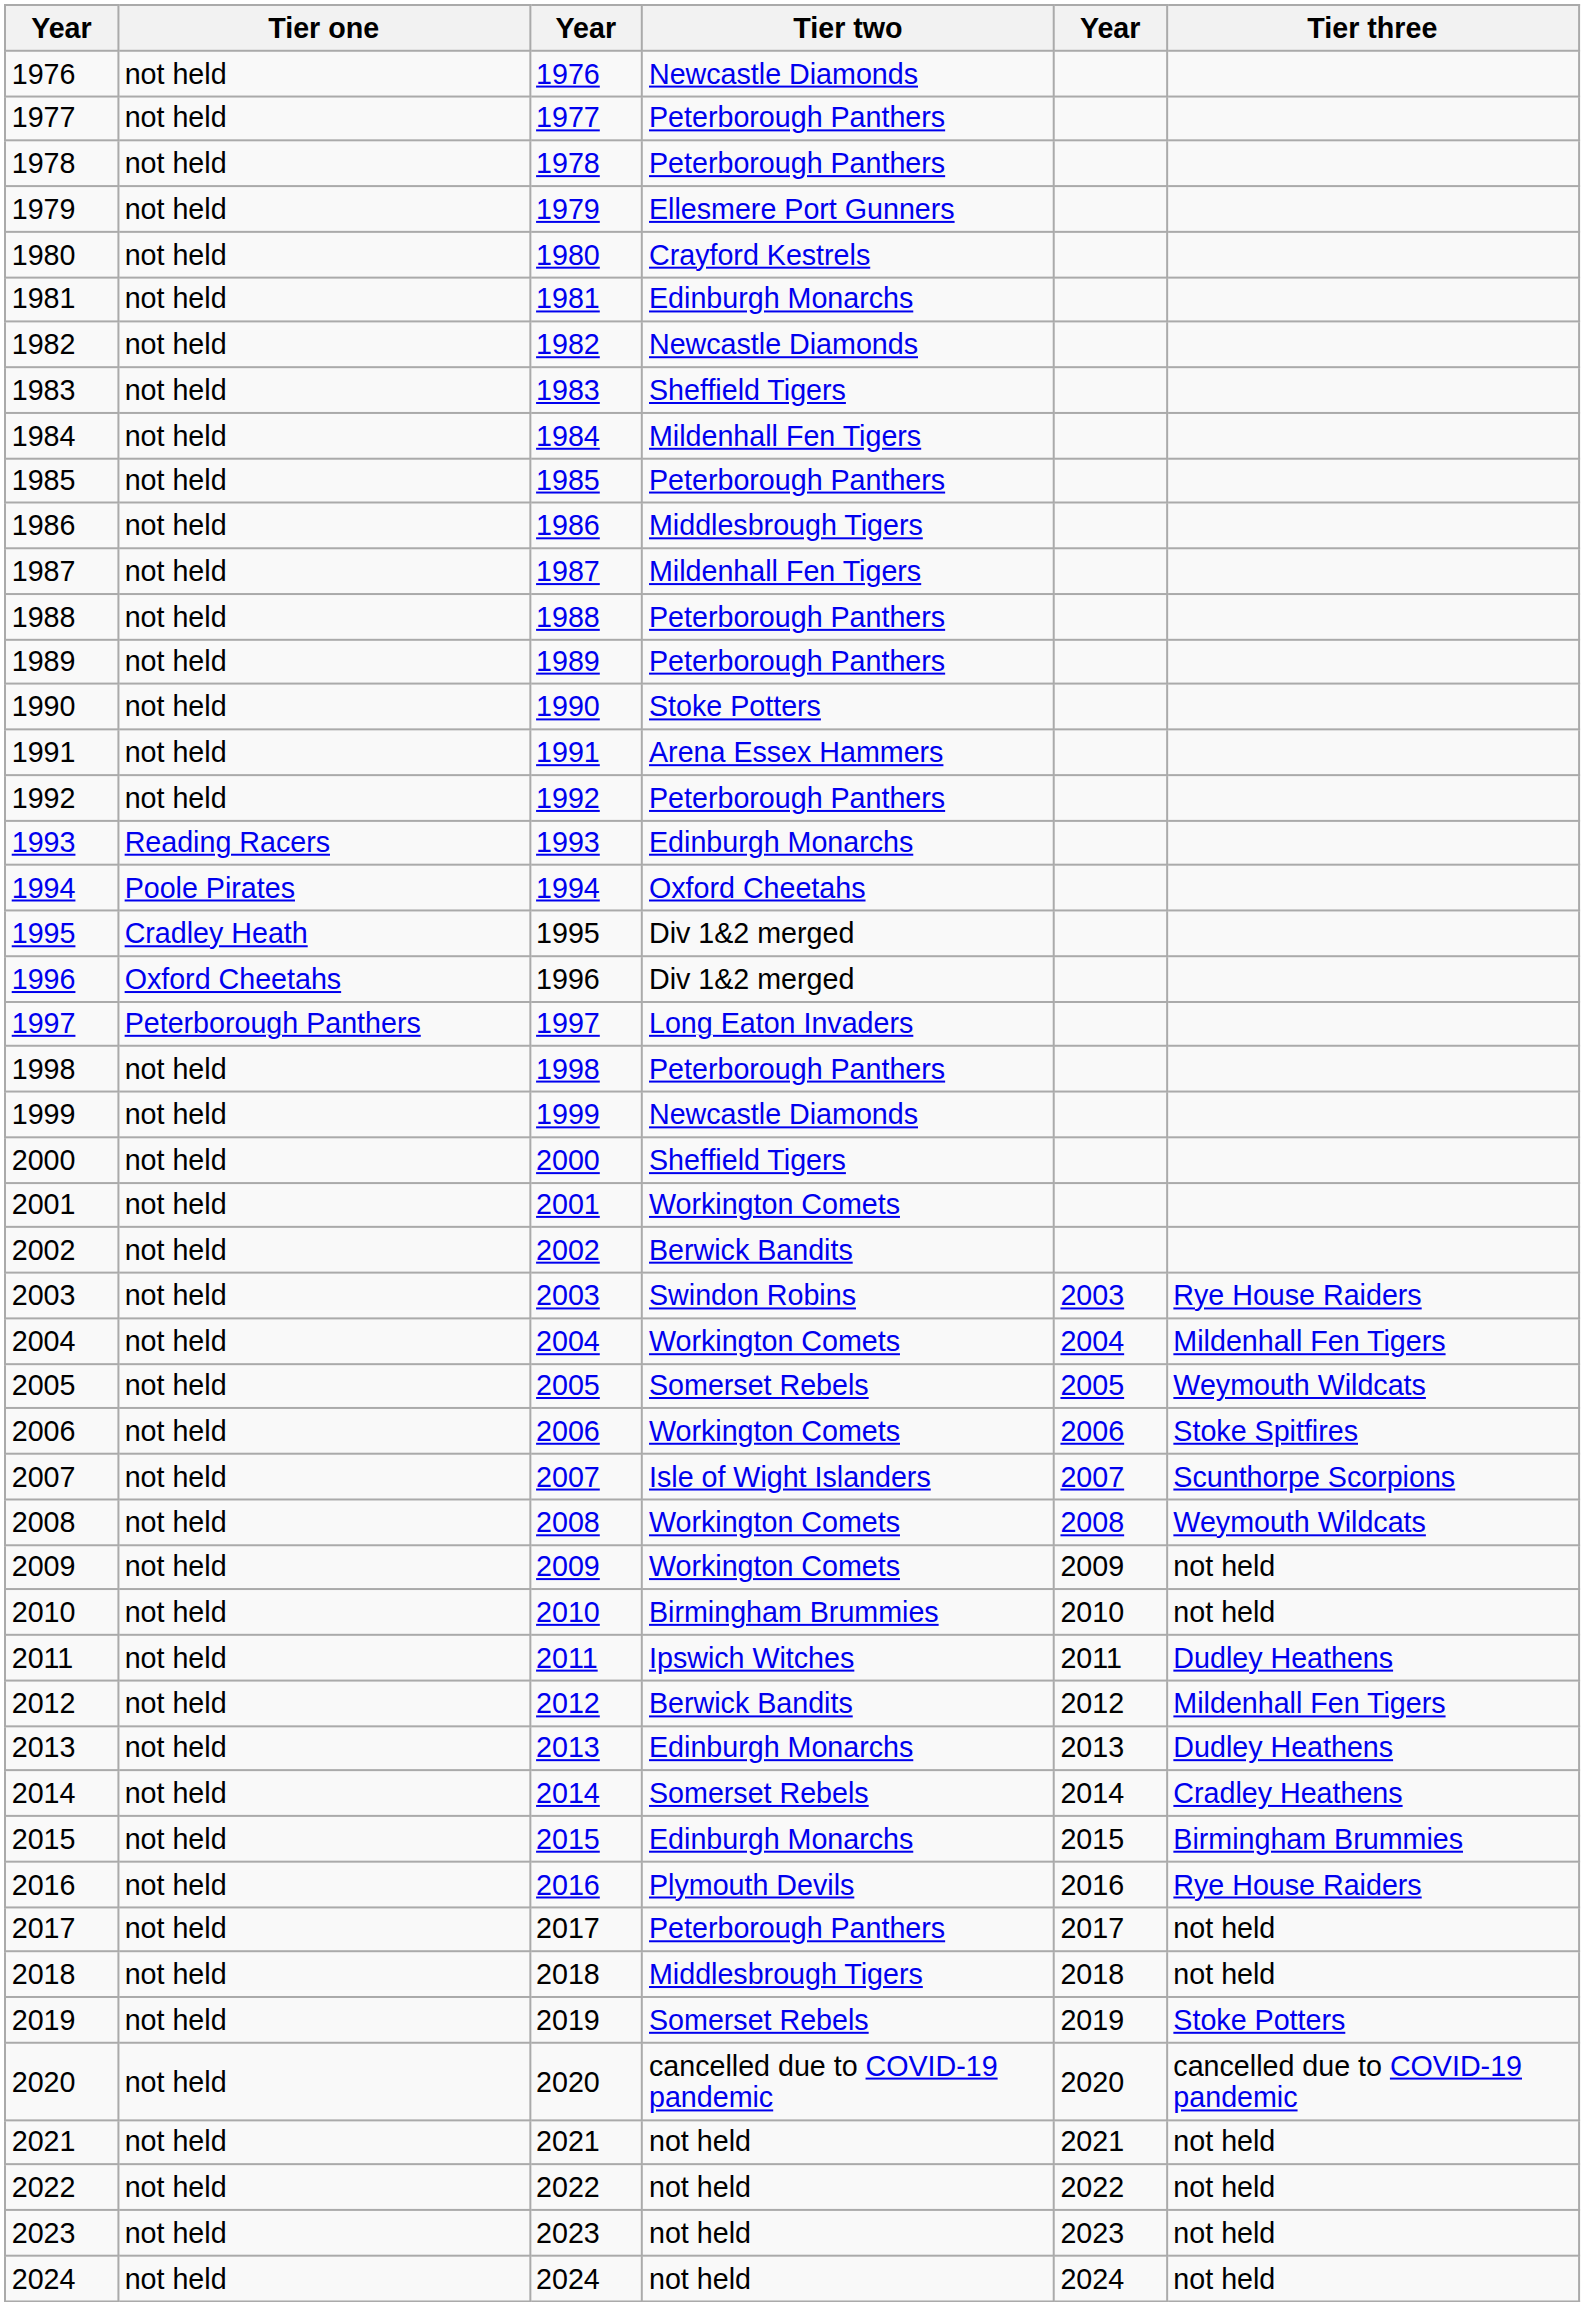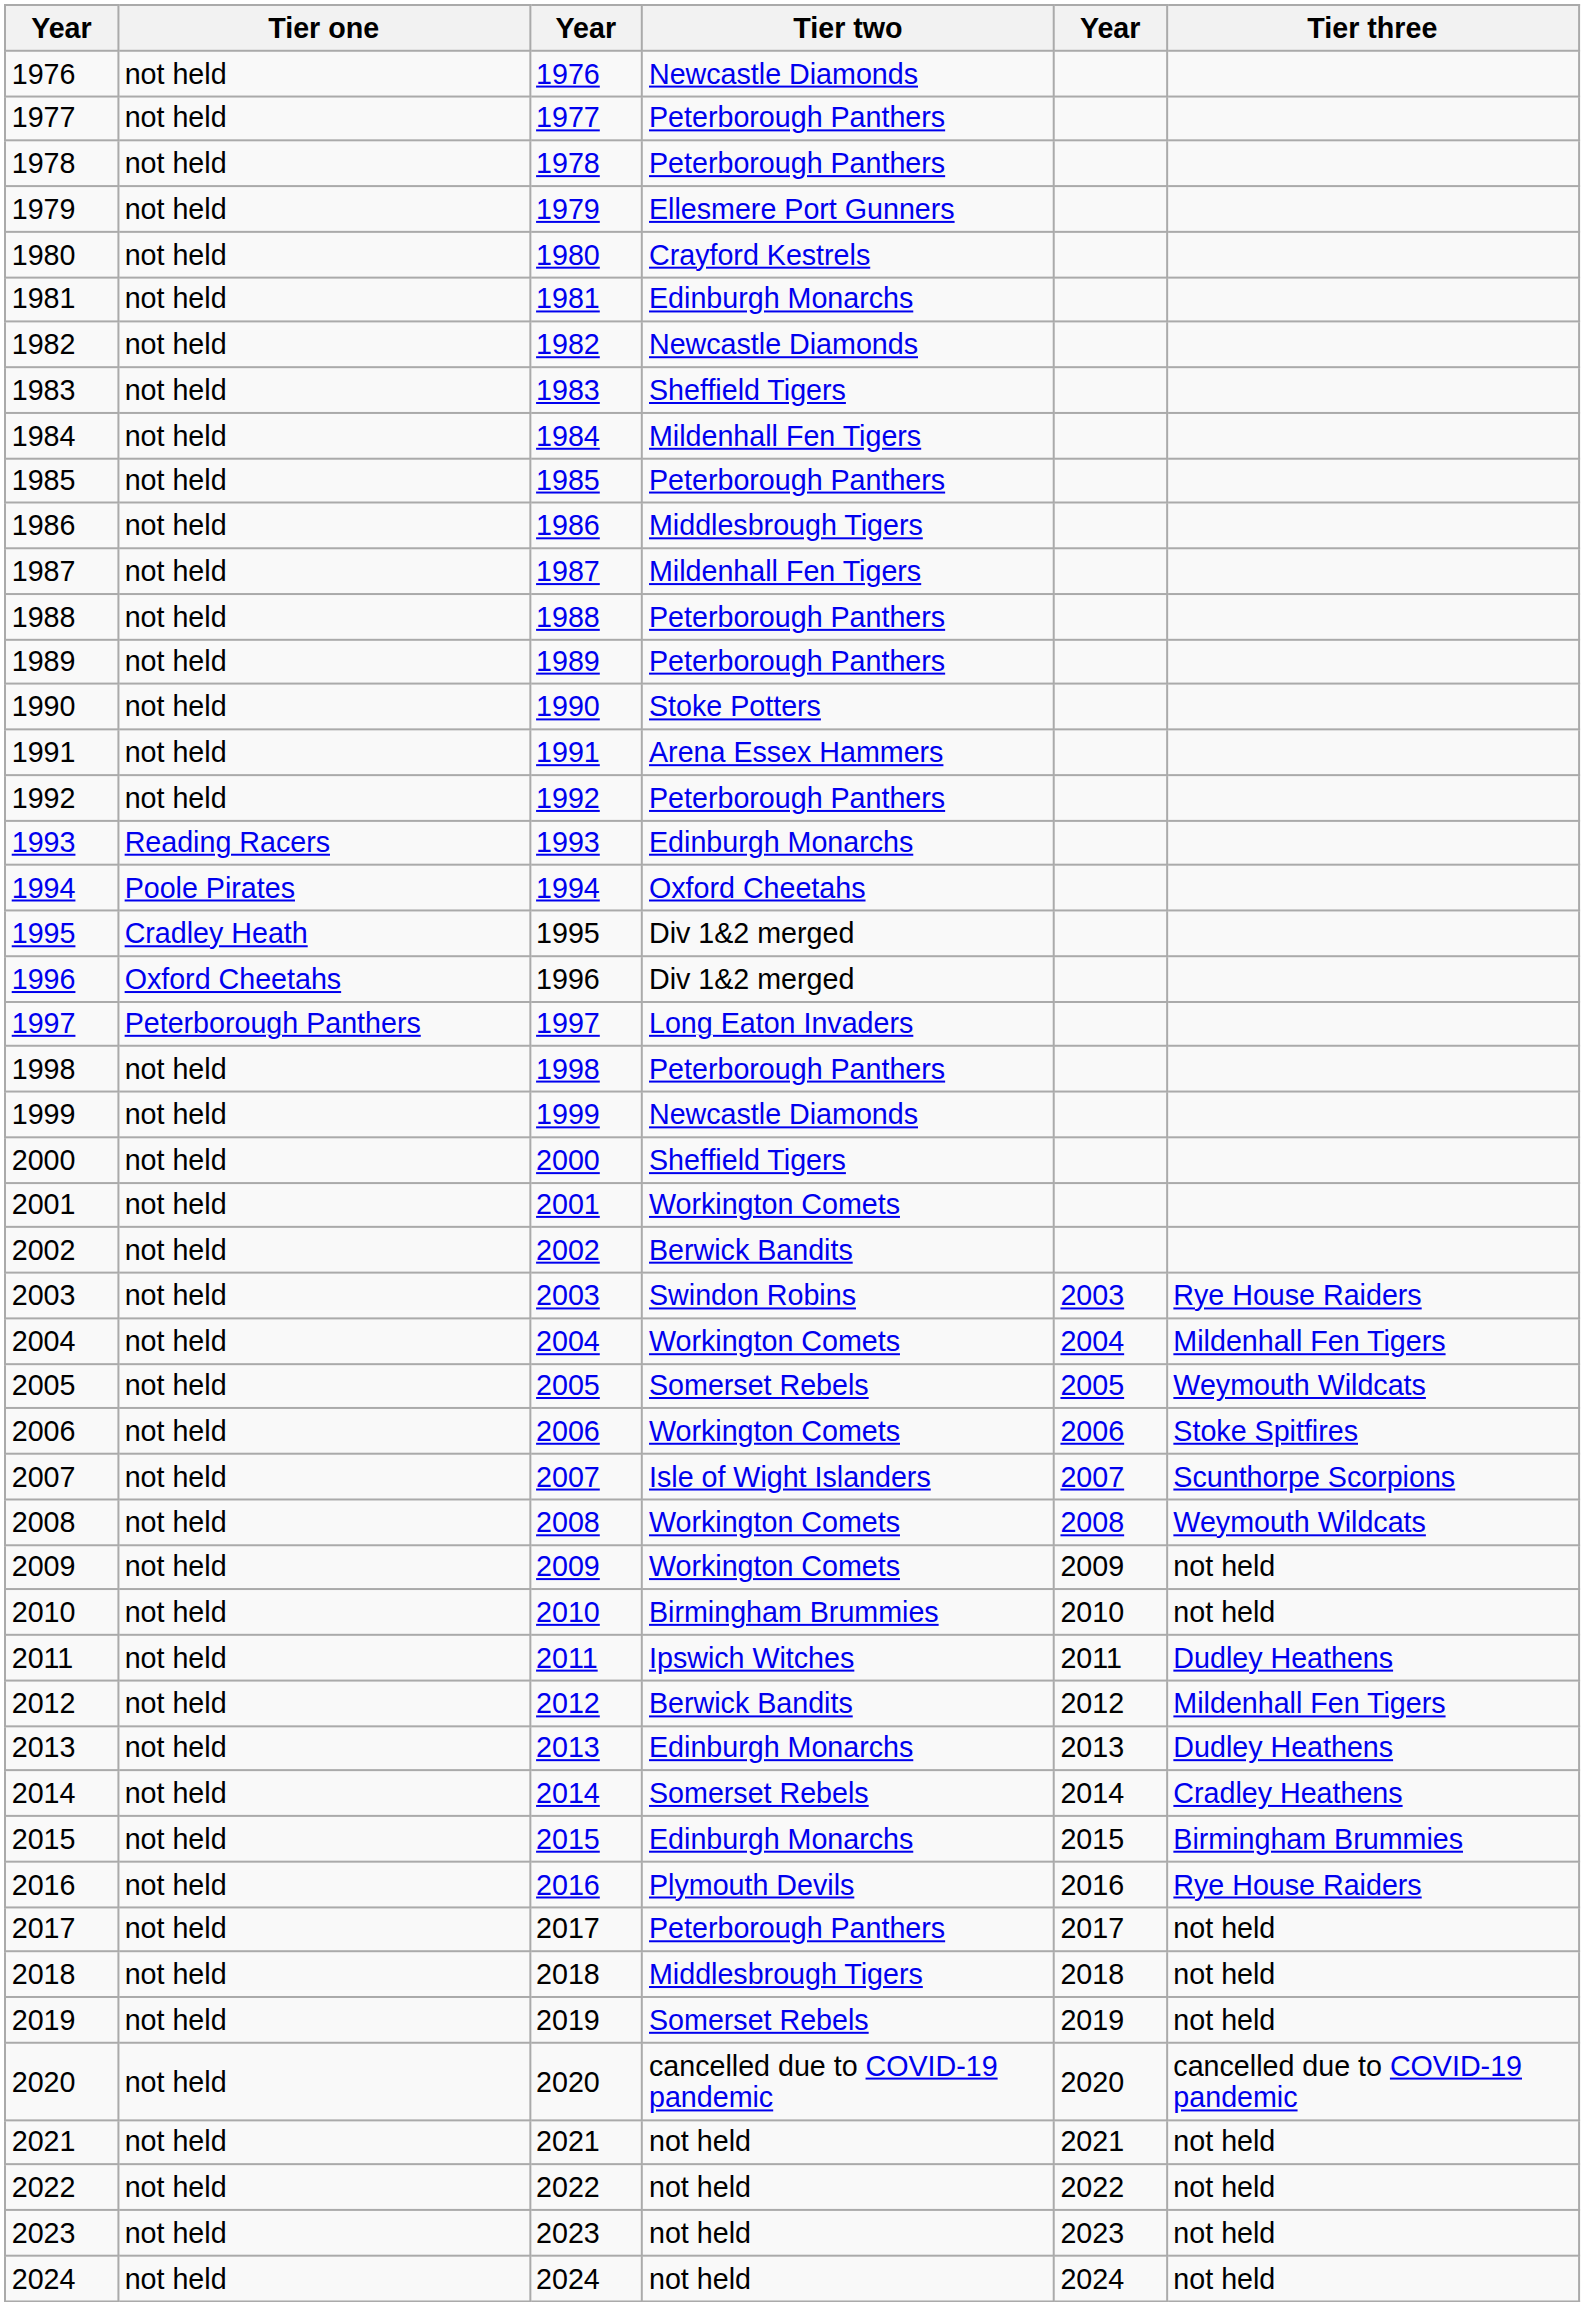 <table class="wikitable" style="font-size: 90%">
 <tr>
 <th width=50>Year</th>
 <th width=200>Tier one</th>
 <th width=50>Year</th>
 <th width=200>Tier two</th>
 <th width=50>Year</th>
 <th width=200>Tier three</th>
 </tr>
 <tr>
 <td>1976</td>
 <td>not held</td>
 <td><a href='#'>1976</a></td>
 <td><a href='#'>Newcastle Diamonds</a></td>
 <td></td>
 <td></td>
 </tr>
 <tr>
 <td>1977</td>
 <td>not held</td>
 <td><a href='#'>1977</a></td>
 <td><a href='#'>Peterborough Panthers</a></td>
 <td></td>
 <td></td>
 </tr>
 <tr>
 <td>1978</td>
 <td>not held</td>
 <td><a href='#'>1978</a></td>
 <td><a href='#'>Peterborough Panthers</a></td>
 <td></td>
 <td></td>
 </tr>
 <tr>
 <td>1979</td>
 <td>not held</td>
 <td><a href='#'>1979</a></td>
 <td><a href='#'>Ellesmere Port Gunners</a></td>
 <td></td>
 <td></td>
 </tr>
 <tr>
 <td>1980</td>
 <td>not held</td>
 <td><a href='#'>1980</a></td>
 <td><a href='#'>Crayford Kestrels</a></td>
 <td></td>
 <td></td>
 </tr>
 <tr>
 <td>1981</td>
 <td>not held</td>
 <td><a href='#'>1981</a></td>
 <td><a href='#'>Edinburgh Monarchs</a></td>
 <td></td>
 <td></td>
 </tr>
 <tr>
 <td>1982</td>
 <td>not held</td>
 <td><a href='#'>1982</a></td>
 <td><a href='#'>Newcastle Diamonds</a></td>
 <td></td>
 <td></td>
 </tr>
 <tr>
 <td>1983</td>
 <td>not held</td>
 <td><a href='#'>1983</a></td>
 <td><a href='#'>Sheffield Tigers</a></td>
 <td></td>
 <td></td>
 </tr>
 <tr>
 <td>1984</td>
 <td>not held</td>
 <td><a href='#'>1984</a></td>
 <td><a href='#'>Mildenhall Fen Tigers</a></td>
 <td></td>
 <td></td>
 </tr>
 <tr>
 <td>1985</td>
 <td>not held</td>
 <td><a href='#'>1985</a></td>
 <td><a href='#'>Peterborough Panthers</a></td>
 <td></td>
 <td></td>
 </tr>
 <tr>
 <td>1986</td>
 <td>not held</td>
 <td><a href='#'>1986</a></td>
 <td><a href='#'>Middlesbrough Tigers</a></td>
 <td></td>
 <td></td>
 </tr>
 <tr>
 <td>1987</td>
 <td>not held</td>
 <td><a href='#'>1987</a></td>
 <td><a href='#'>Mildenhall Fen Tigers</a></td>
 <td></td>
 <td></td>
 </tr>
 <tr>
 <td>1988</td>
 <td>not held</td>
 <td><a href='#'>1988</a></td>
 <td><a href='#'>Peterborough Panthers</a></td>
 <td></td>
 <td></td>
 </tr>
 <tr>
 <td>1989</td>
 <td>not held</td>
 <td><a href='#'>1989</a></td>
 <td><a href='#'>Peterborough Panthers</a></td>
 <td></td>
 <td></td>
 </tr>
 <tr>
 <td>1990</td>
 <td>not held</td>
 <td><a href='#'>1990</a></td>
 <td><a href='#'>Stoke Potters</a></td>
 <td></td>
 <td></td>
 </tr>
 <tr>
 <td>1991</td>
 <td>not held</td>
 <td><a href='#'>1991</a></td>
 <td><a href='#'>Arena Essex Hammers</a></td>
 <td></td>
 <td></td>
 </tr>
 <tr>
 <td>1992</td>
 <td>not held</td>
 <td><a href='#'>1992</a></td>
 <td><a href='#'>Peterborough Panthers</a></td>
 <td></td>
 <td></td>
 </tr>
 <tr>
 <td><a href='#'>1993</a></td>
 <td><a href='#'>Reading Racers</a></td>
 <td><a href='#'>1993</a></td>
 <td><a href='#'>Edinburgh Monarchs</a></td>
 <td></td>
 <td></td>
 </tr>
 <tr>
 <td><a href='#'>1994</a></td>
 <td><a href='#'>Poole Pirates</a></td>
 <td><a href='#'>1994</a></td>
 <td><a href='#'>Oxford Cheetahs</a></td>
 <td></td>
 <td></td>
 </tr>
 <tr>
 <td><a href='#'>1995</a></td>
 <td><a href='#'>Cradley Heath</a></td>
 <td>1995</td>
 <td>Div 1&2 merged</td>
 <td></td>
 <td></td>
 </tr>
 <tr>
 <td><a href='#'>1996</a></td>
 <td><a href='#'>Oxford Cheetahs</a></td>
 <td>1996</td>
 <td>Div 1&2 merged</td>
 <td></td>
 <td></td>
 </tr>
 <tr>
 <td><a href='#'>1997</a></td>
 <td><a href='#'>Peterborough Panthers</a></td>
 <td><a href='#'>1997</a></td>
 <td><a href='#'>Long Eaton Invaders</a></td>
 <td></td>
 <td></td>
 </tr>
 <tr>
 <td>1998</td>
 <td>not held</td>
 <td><a href='#'>1998</a></td>
 <td><a href='#'>Peterborough Panthers</a></td>
 <td></td>
 <td></td>
 </tr>
 <tr>
 <td>1999</td>
 <td>not held</td>
 <td><a href='#'>1999</a></td>
 <td><a href='#'>Newcastle Diamonds</a></td>
 <td></td>
 <td></td>
 </tr>
 <tr>
 <td>2000</td>
 <td>not held</td>
 <td><a href='#'>2000</a></td>
 <td><a href='#'>Sheffield Tigers</a></td>
 <td></td>
 <td></td>
 </tr>
 <tr>
 <td>2001</td>
 <td>not held</td>
 <td><a href='#'>2001</a></td>
 <td><a href='#'>Workington Comets</a></td>
 <td></td>
 <td></td>
 </tr>
 <tr>
 <td>2002</td>
 <td>not held</td>
 <td><a href='#'>2002</a></td>
 <td><a href='#'>Berwick Bandits</a></td>
 <td></td>
 <td></td>
 </tr>
 <tr>
 <td>2003</td>
 <td>not held</td>
 <td><a href='#'>2003</a></td>
 <td><a href='#'>Swindon Robins</a></td>
 <td><a href='#'>2003</a></td>
 <td><a href='#'>Rye House Raiders</a></td>
 </tr>
 <tr>
 <td>2004</td>
 <td>not held</td>
 <td><a href='#'>2004</a></td>
 <td><a href='#'>Workington Comets</a></td>
 <td><a href='#'>2004</a></td>
 <td><a href='#'>Mildenhall Fen Tigers</a></td>
 </tr>
 <tr>
 <td>2005</td>
 <td>not held</td>
 <td><a href='#'>2005</a></td>
 <td><a href='#'>Somerset Rebels</a></td>
 <td><a href='#'>2005</a></td>
 <td><a href='#'>Weymouth Wildcats</a></td>
 </tr>
 <tr>
 <td>2006</td>
 <td>not held</td>
 <td><a href='#'>2006</a></td>
 <td><a href='#'>Workington Comets</a></td>
 <td><a href='#'>2006</a></td>
 <td><a href='#'>Stoke Spitfires</a></td>
 </tr>
 <tr>
 <td>2007</td>
 <td>not held</td>
 <td><a href='#'>2007</a></td>
 <td><a href='#'>Isle of Wight Islanders</a></td>
 <td><a href='#'>2007</a></td>
 <td><a href='#'>Scunthorpe Scorpions</a></td>
 </tr>
 <tr>
 <td>2008</td>
 <td>not held</td>
 <td><a href='#'>2008</a></td>
 <td><a href='#'>Workington Comets</a></td>
 <td><a href='#'>2008</a></td>
 <td><a href='#'>Weymouth Wildcats</a></td>
 </tr>
 <tr>
 <td>2009</td>
 <td>not held</td>
 <td><a href='#'>2009</a></td>
 <td><a href='#'>Workington Comets</a></td>
 <td>2009</td>
 <td>not held</td>
 </tr>
 <tr>
 <td>2010</td>
 <td>not held</td>
 <td><a href='#'>2010</a></td>
 <td><a href='#'>Birmingham Brummies</a></td>
 <td>2010</td>
 <td>not held</td>
 </tr>
 <tr>
 <td>2011</td>
 <td>not held</td>
 <td><a href='#'>2011</a></td>
 <td><a href='#'>Ipswich Witches</a></td>
 <td>2011</td>
 <td><a href='#'>Dudley Heathens</a></td>
 </tr>
 <tr>
 <td>2012</td>
 <td>not held</td>
 <td><a href='#'>2012</a></td>
 <td><a href='#'>Berwick Bandits</a></td>
 <td>2012</td>
 <td><a href='#'>Mildenhall Fen Tigers</a></td>
 </tr>
 <tr>
 <td>2013</td>
 <td>not held</td>
 <td><a href='#'>2013</a></td>
 <td><a href='#'>Edinburgh Monarchs</a></td>
 <td>2013</td>
 <td><a href='#'>Dudley Heathens</a></td>
 </tr>
 <tr>
 <td>2014</td>
 <td>not held</td>
 <td><a href='#'>2014</a></td>
 <td><a href='#'>Somerset Rebels</a></td>
 <td>2014</td>
 <td><a href='#'>Cradley Heathens</a></td>
 </tr>
 <tr>
 <td>2015</td>
 <td>not held</td>
 <td><a href='#'>2015</a></td>
 <td><a href='#'>Edinburgh Monarchs</a></td>
 <td>2015</td>
 <td><a href='#'>Birmingham Brummies</a></td>
 </tr>
 <tr>
 <td>2016</td>
 <td>not held</td>
 <td><a href='#'>2016</a></td>
 <td><a href='#'>Plymouth Devils</a></td>
 <td>2016</td>
 <td><a href='#'>Rye House Raiders</a></td>
 </tr>
 <tr>
 <td>2017</td>
 <td>not held</td>
 <td>2017</td>
 <td><a href='#'>Peterborough Panthers</a></td>
 <td>2017</td>
 <td>not held</td>
 </tr>
 <tr>
 <td>2018</td>
 <td>not held</td>
 <td>2018</td>
 <td><a href='#'>Middlesbrough Tigers</a></td>
 <td>2018</td>
 <td>not held</td>
 </tr>
 <tr>
 <td>2019</td>
 <td>not held</td>
 <td>2019</td>
 <td><a href='#'>Somerset Rebels</a></td>
 <td>2019</td>
-<td><a href='#'>Stoke Potters</a></td>
+<td>not held</td>
 </tr>
 <tr>
 <td>2020</td>
 <td>not held</td>
 <td>2020</td>
 <td>cancelled due to <a href='#'>COVID-19 pandemic</a></td>
 <td>2020</td>
 <td>cancelled due to <a href='#'>COVID-19 pandemic</a></td>
 </tr>
 <tr>
 <td>2021</td>
 <td>not held</td>
 <td>2021</td>
 <td>not held</td>
 <td>2021</td>
 <td>not held</td>
 </tr>
 <tr>
 <td>2022</td>
 <td>not held</td>
 <td>2022</td>
 <td>not held</td>
 <td>2022</td>
 <td>not held</td>
 </tr>
 <tr>
 <td>2023</td>
 <td>not held</td>
 <td>2023</td>
 <td>not held</td>
 <td>2023</td>
 <td>not held</td>
 </tr>
 <tr>
 <td>2024</td>
 <td>not held</td>
 <td>2024</td>
 <td>not held</td>
 <td>2024</td>
 <td>not held</td>
 </tr>
 </table>
